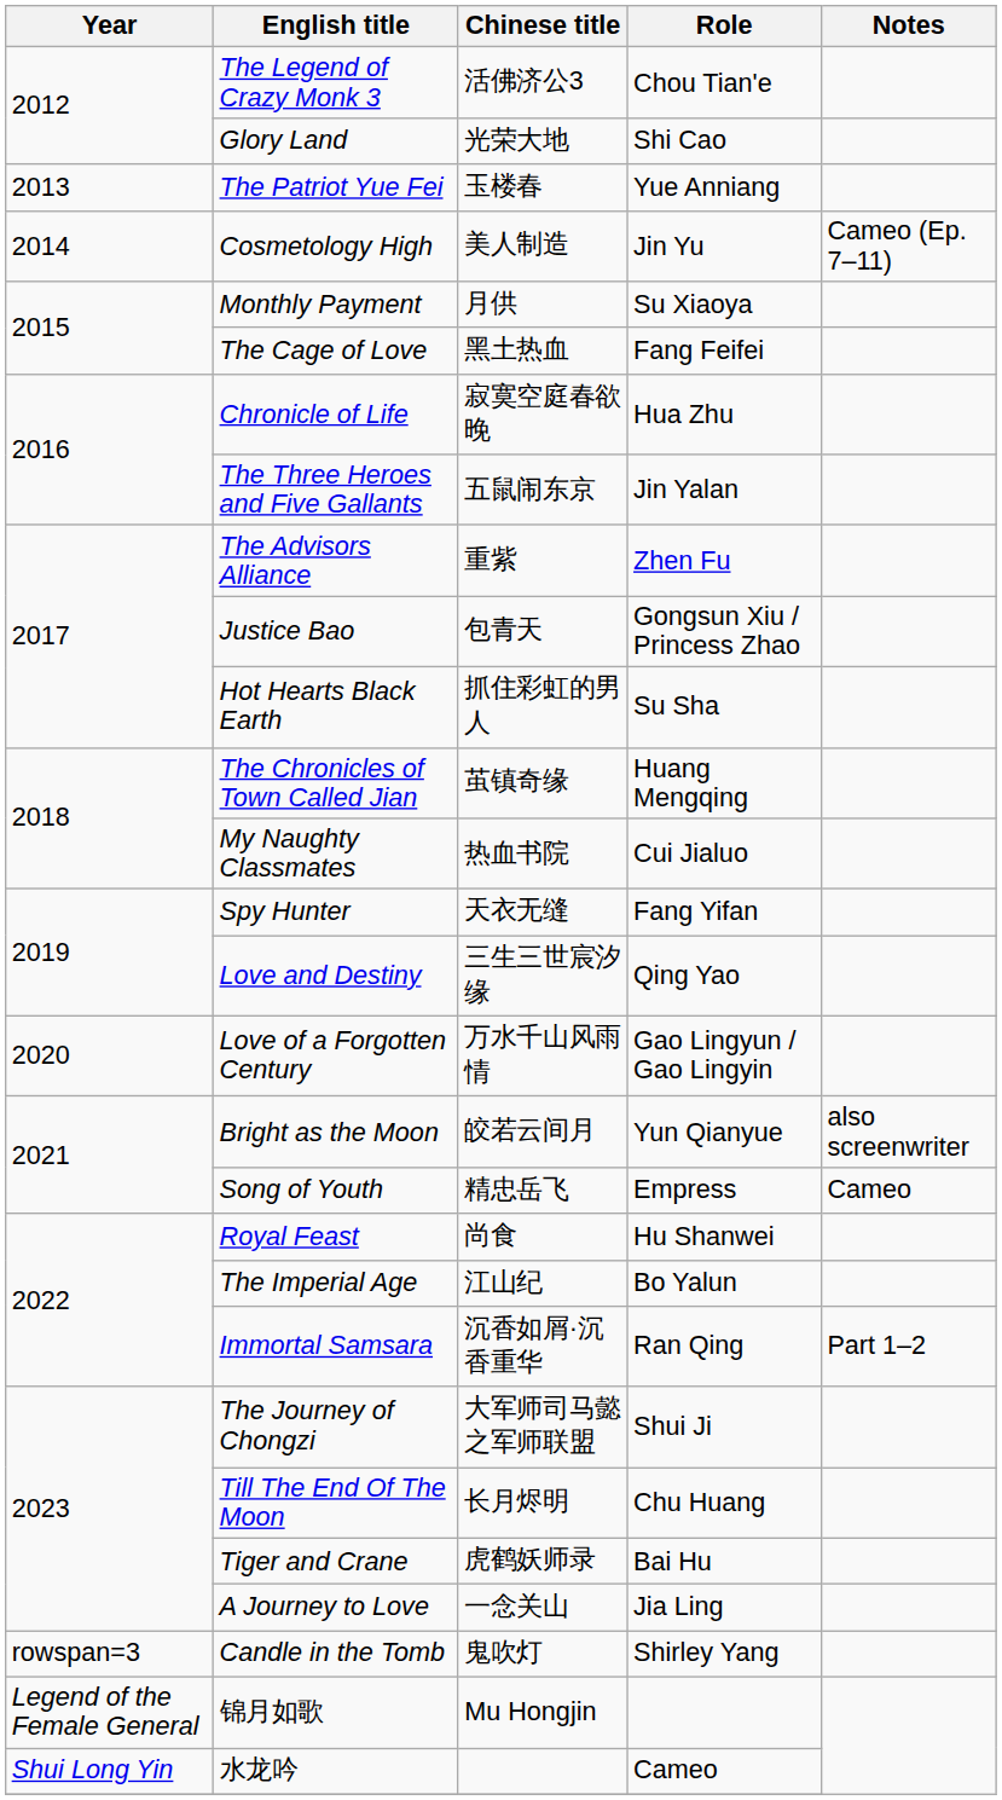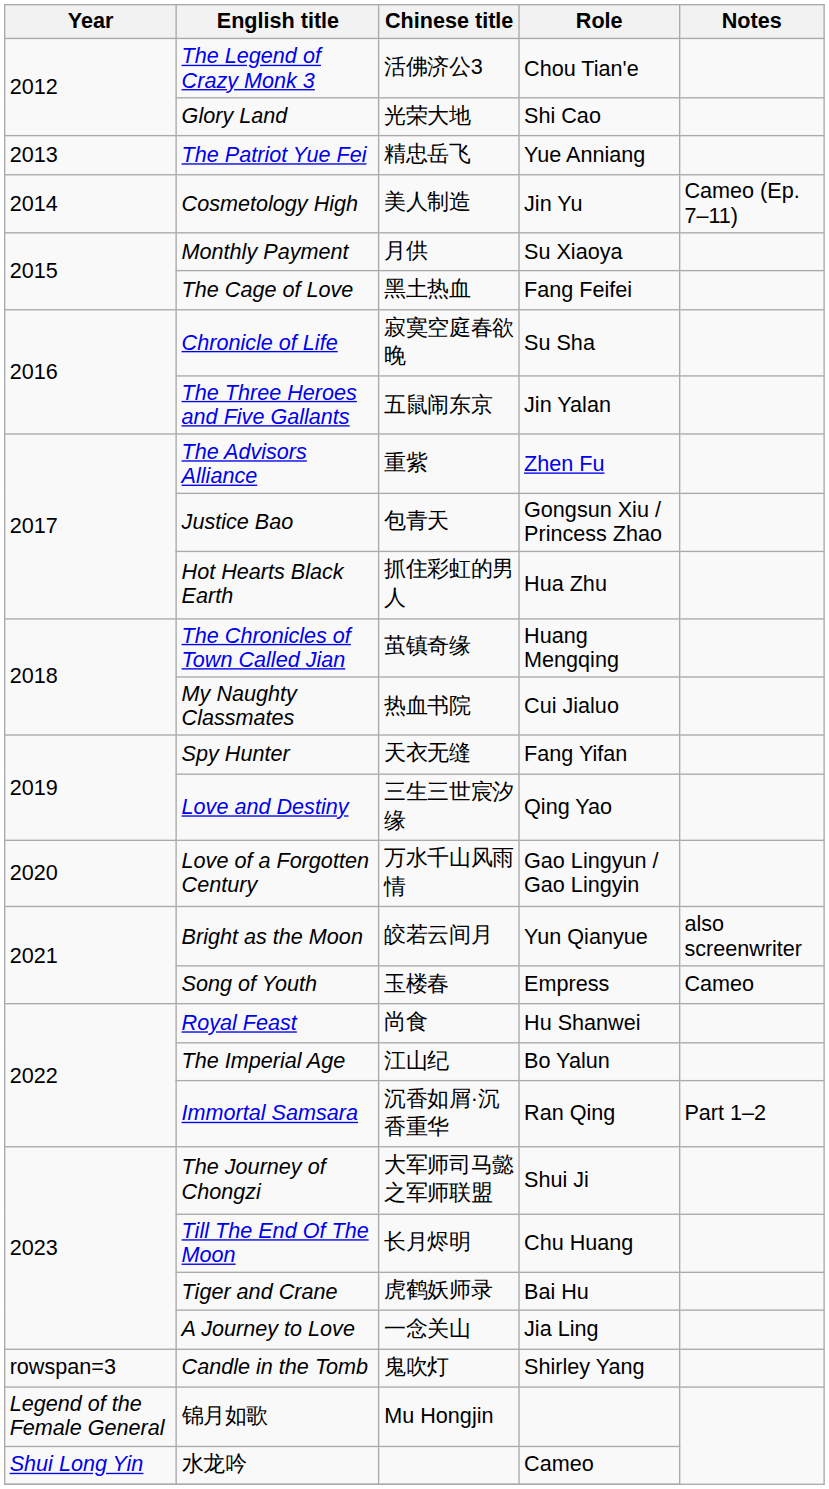 <table class="wikitable sortable">
 <tr>
 <th>Year</th>
 <th>English title</th>
 <th>Chinese title</th>
 <th>Role</th>
 <th class="unsortable">Notes</th>
 </tr>
 <tr>
 <td rowspan=2>2012</td>
 <td><em><a href='#'>The Legend of Crazy Monk 3</a></em></td>
 <td>活佛济公3</td>
 <td>Chou Tian'e</td>
 <td></td>
 </tr>
 <tr>
 <td><em>Glory Land</em></td>
 <td>光荣大地</td>
 <td>Shi Cao</td>
 <td></td>
 </tr>
 <tr>
 <td>2013</td>
 <td><em><a href='#'>The Patriot Yue Fei</a></em></td>
-<td>玉楼春</td>
+<td>精忠岳飞</td>
 <td>Yue Anniang</td>
 <td></td>
 </tr>
 <tr>
 <td>2014</td>
 <td><em>Cosmetology High</em></td>
 <td>美人制造</td>
 <td>Jin Yu</td>
 <td>Cameo (Ep. 7–11)</td>
 </tr>
 <tr>
 <td rowspan=2>2015</td>
 <td><em>Monthly Payment</em></td>
 <td>月供</td>
 <td>Su Xiaoya</td>
 <td></td>
 </tr>
 <tr>
 <td><em>The Cage of Love</em></td>
 <td>黑土热血</td>
 <td>Fang Feifei</td>
 <td></td>
 </tr>
 <tr>
 <td rowspan=2>2016</td>
 <td><em><a href='#'>Chronicle of Life</a></em></td>
 <td>寂寞空庭春欲晚</td>
-<td>Hua Zhu</td>
+<td>Su Sha</td>
 <td></td>
 </tr>
 <tr>
 <td><em><a href='#'>The Three Heroes and Five Gallants</a></em></td>
 <td>五鼠闹东京</td>
 <td>Jin Yalan</td>
 <td></td>
 </tr>
 <tr>
 <td rowspan=3>2017</td>
 <td><em><a href='#'>The Advisors Alliance</a></em></td>
 <td>重紫</td>
 <td><a href='#'>Zhen Fu</a></td>
 <td></td>
 </tr>
 <tr>
 <td><em>Justice Bao</em></td>
 <td>包青天</td>
 <td>Gongsun Xiu / Princess Zhao</td>
 <td></td>
 </tr>
 <tr>
 <td><em>Hot Hearts Black Earth</em></td>
 <td>抓住彩虹的男人</td>
-<td>Su Sha</td>
+<td>Hua Zhu</td>
 <td></td>
 </tr>
 <tr>
 <td rowspan=2>2018</td>
 <td><em><a href='#'>The Chronicles of Town Called Jian</a></em></td>
 <td>茧镇奇缘</td>
 <td>Huang Mengqing</td>
 <td></td>
 </tr>
 <tr>
 <td><em>My Naughty Classmates</em></td>
 <td>热血书院</td>
 <td>Cui Jialuo</td>
 <td></td>
 </tr>
 <tr>
 <td rowspan=2>2019</td>
 <td><em>Spy Hunter</em></td>
 <td>天衣无缝</td>
 <td>Fang Yifan</td>
 <td></td>
 </tr>
 <tr>
 <td><em><a href='#'>Love and Destiny</a></em></td>
 <td>三生三世宸汐缘</td>
 <td>Qing Yao</td>
 <td></td>
 </tr>
 <tr>
 <td>2020</td>
 <td><em>Love of a Forgotten Century</em></td>
 <td>万水千山风雨情</td>
 <td>Gao Lingyun / Gao Lingyin</td>
 <td></td>
 </tr>
 <tr>
 <td rowspan=2>2021</td>
 <td><em>Bright as the Moon </em></td>
 <td>皎若云间月</td>
 <td>Yun Qianyue</td>
 <td>also screenwriter</td>
 </tr>
 <tr>
 <td><em>Song of Youth</em></td>
-<td>精忠岳飞</td>
+<td>玉楼春</td>
 <td>Empress</td>
 <td>Cameo</td>
 </tr>
 <tr>
 <td rowspan="3">2022</td>
 <td><em><a href='#'>Royal Feast</a></em></td>
 <td>尚食</td>
 <td>Hu Shanwei</td>
 <td></td>
 </tr>
 <tr>
 <td><em>The Imperial Age</em></td>
 <td>江山纪</td>
 <td>Bo Yalun</td>
 <td></td>
 </tr>
 <tr>
 <td><em><a href='#'>Immortal Samsara</a></em></td>
 <td>沉香如屑·沉香重华</td>
 <td>Ran Qing</td>
 <td>Part 1–2</td>
 </tr>
 <tr>
 <td rowspan="4">2023</td>
 <td><em>The Journey of Chongzi</em></td>
 <td>大军师司马懿之军师联盟</td>
 <td>Shui Ji</td>
 <td></td>
 </tr>
 <tr>
 <td><em><a href='#'>Till The End Of The Moon</a></em></td>
 <td>长月烬明</td>
 <td>Chu Huang</td>
 <td></td>
 </tr>
 <tr>
 <td><em>Tiger and Crane</em></td>
 <td>虎鹤妖师录</td>
 <td>Bai Hu</td>
 <td></td>
 </tr>
 <tr>
 <td><em>A Journey to Love</em></td>
 <td>一念关山</td>
 <td>Jia Ling</td>
 <td></td>
 </tr>
 <tr>
 <td>rowspan=3 </td>
 <td><em>Candle in the Tomb</em></td>
 <td>鬼吹灯</td>
 <td>Shirley Yang</td>
 <td></td>
 </tr>
 <tr>
 <td><em>Legend of the Female General</em></td>
 <td>锦月如歌</td>
 <td>Mu Hongjin</td>
 <td></td>
 </tr>
 <tr>
 <td><em><a href='#'>Shui Long Yin</a></em></td>
 <td>水龙吟</td>
 <td></td>
 <td>Cameo</td>
 </tr>
 <tr>
 </tr>
 </table>
